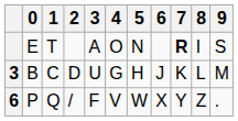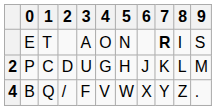 <table class="wikitable">
 <tr>
 <th> </th>
 <th>0</th>
 <th>1</th>
 <th>2</th>
 <th>3</th>
 <th>4</th>
 <th>5</th>
 <th>6</th>
 <th>7</th>
 <th>8</th>
 <th>9</th>
 </tr>
 <tr>
 <th> </th>
 <td>E</td>
 <td>T</td>
 <td> </td>
 <td>A</td>
 <td>O</td>
 <td>N</td>
 <td> </td>
 <td><strong>R</strong></td>
 <td>I</td>
 <td>S</td>
 </tr>
 <tr>
-<th>3</th>
-<td>B</td>
+<th>2</th>
+<td>P</td>
 <td>C</td>
 <td>D</td>
 <td>U</td>
 <td>G</td>
 <td>H</td>
 <td>J</td>
 <td>K</td>
 <td>L</td>
 <td>M</td>
 </tr>
 <tr>
-<th>6</th>
-<td>P</td>
+<th>4</th>
+<td>B</td>
 <td>Q</td>
 <td>/</td>
 <td>F</td>
 <td>V</td>
 <td>W</td>
 <td>X</td>
 <td>Y</td>
 <td>Z</td>
 <td>.</td>
 </tr>
 </table>
